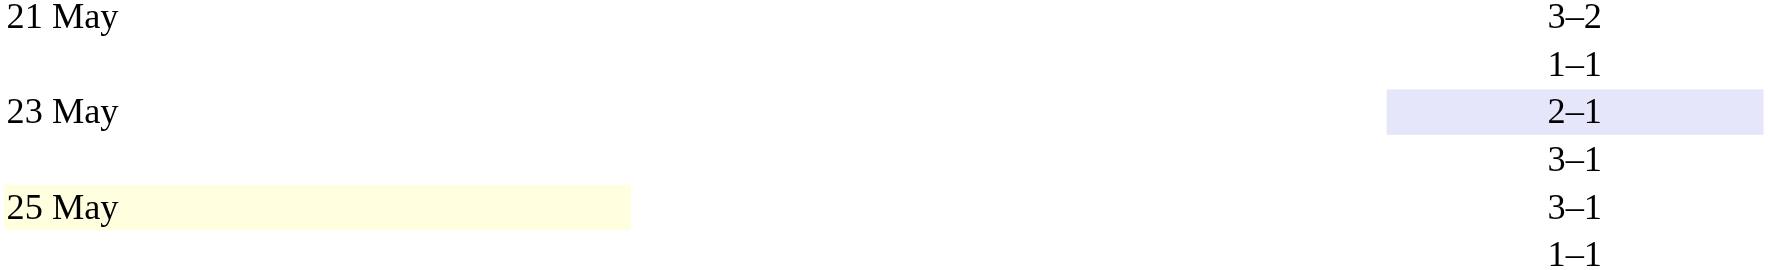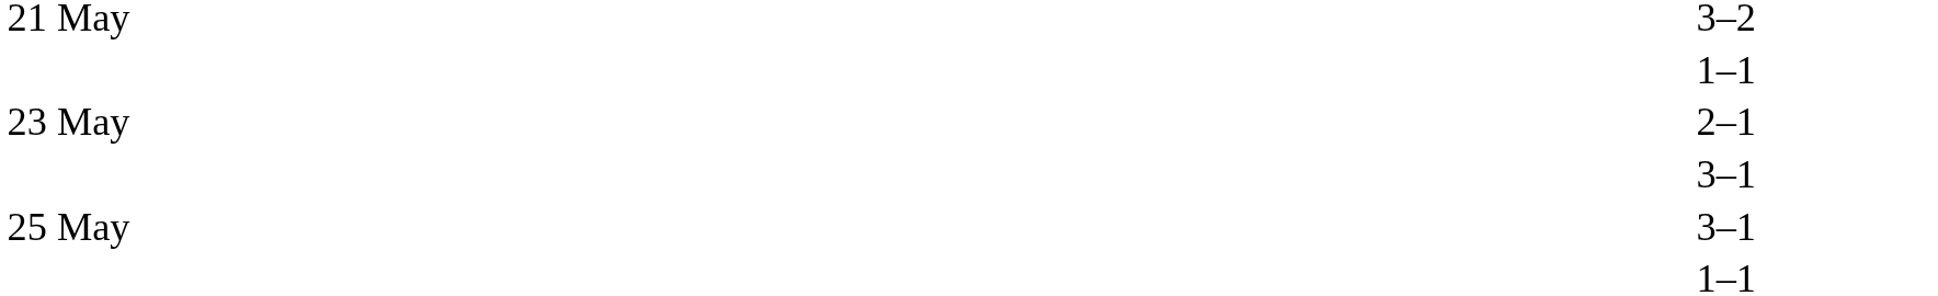 <table cellspacing=1 width=70%>
 <tr>
 <th width=25%></th>
 <th width=30%></th>
 <th width=15%></th>
 <th width=30%></th>
 </tr>
 <tr>
 <td>21 May</td>
 <td align=right></td>
 <td align=center>3–2</td>
 <td></td>
 </tr>
 <tr>
 <td></td>
 <td align=right></td>
 <td align=center>1–1</td>
 <td></td>
 </tr>
 <tr>
 <td>23 May</td>
 <td align=right></td>
-<td align=center style="background: lavender;">2–1</td>
+<td align=center>2–1</td>
 <td></td>
 </tr>
 <tr>
 <td></td>
 <td align=right></td>
 <td align=center>3–1</td>
 <td></td>
 </tr>
 <tr>
-<td style="background: lightyellow;">25 May</td>
+<td>25 May</td>
 <td align=right></td>
 <td align=center>3–1</td>
 <td></td>
 </tr>
 <tr>
 <td></td>
 <td align=right></td>
 <td align=center>1–1</td>
 <td></td>
 </tr>
 </table>
